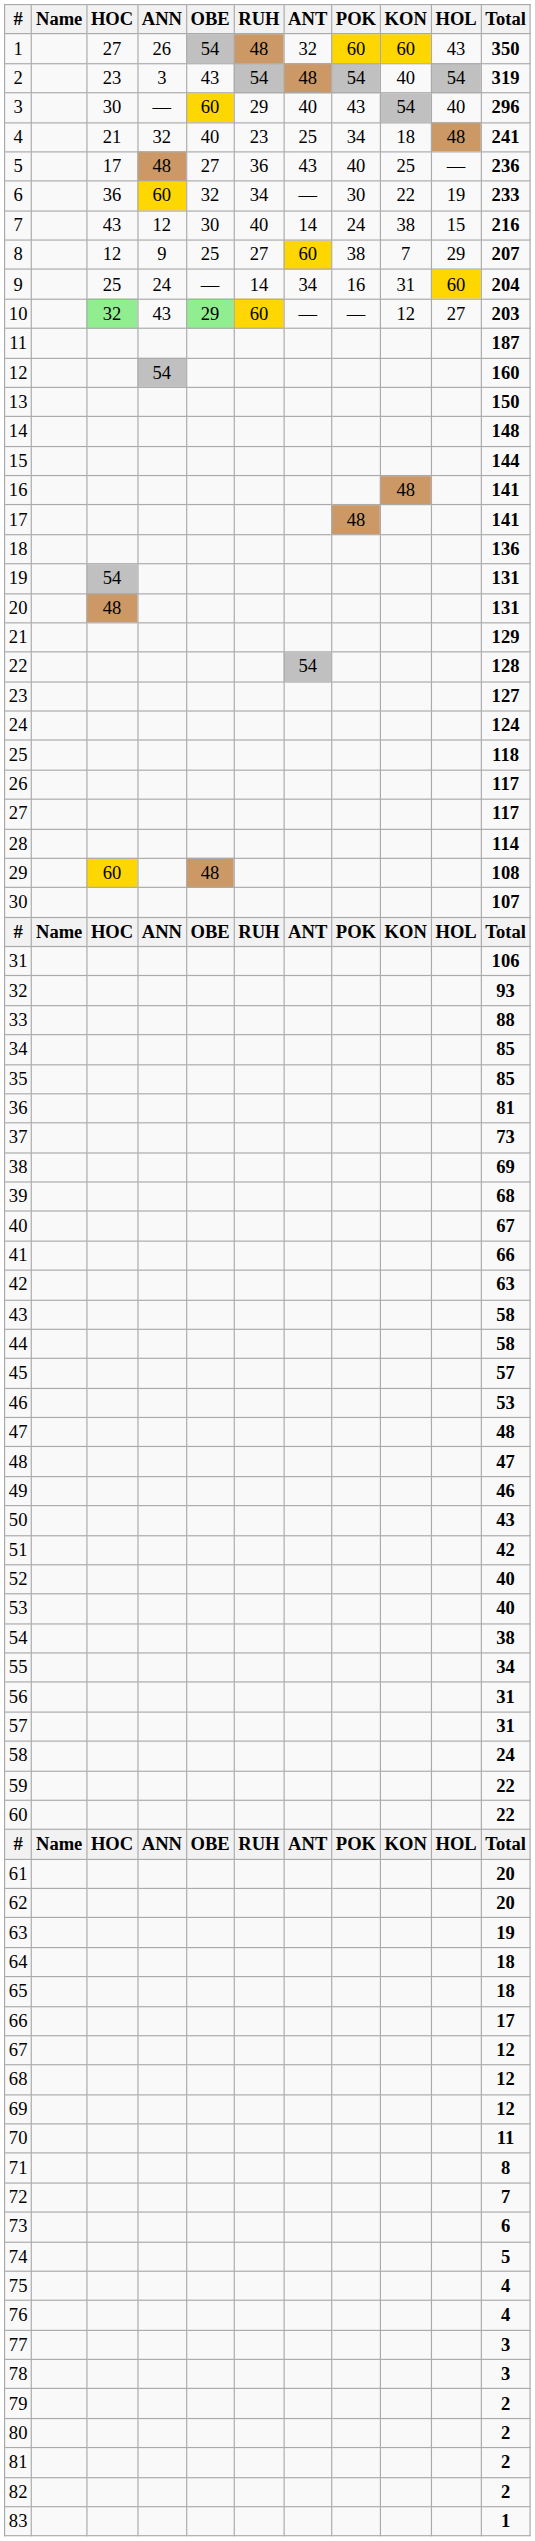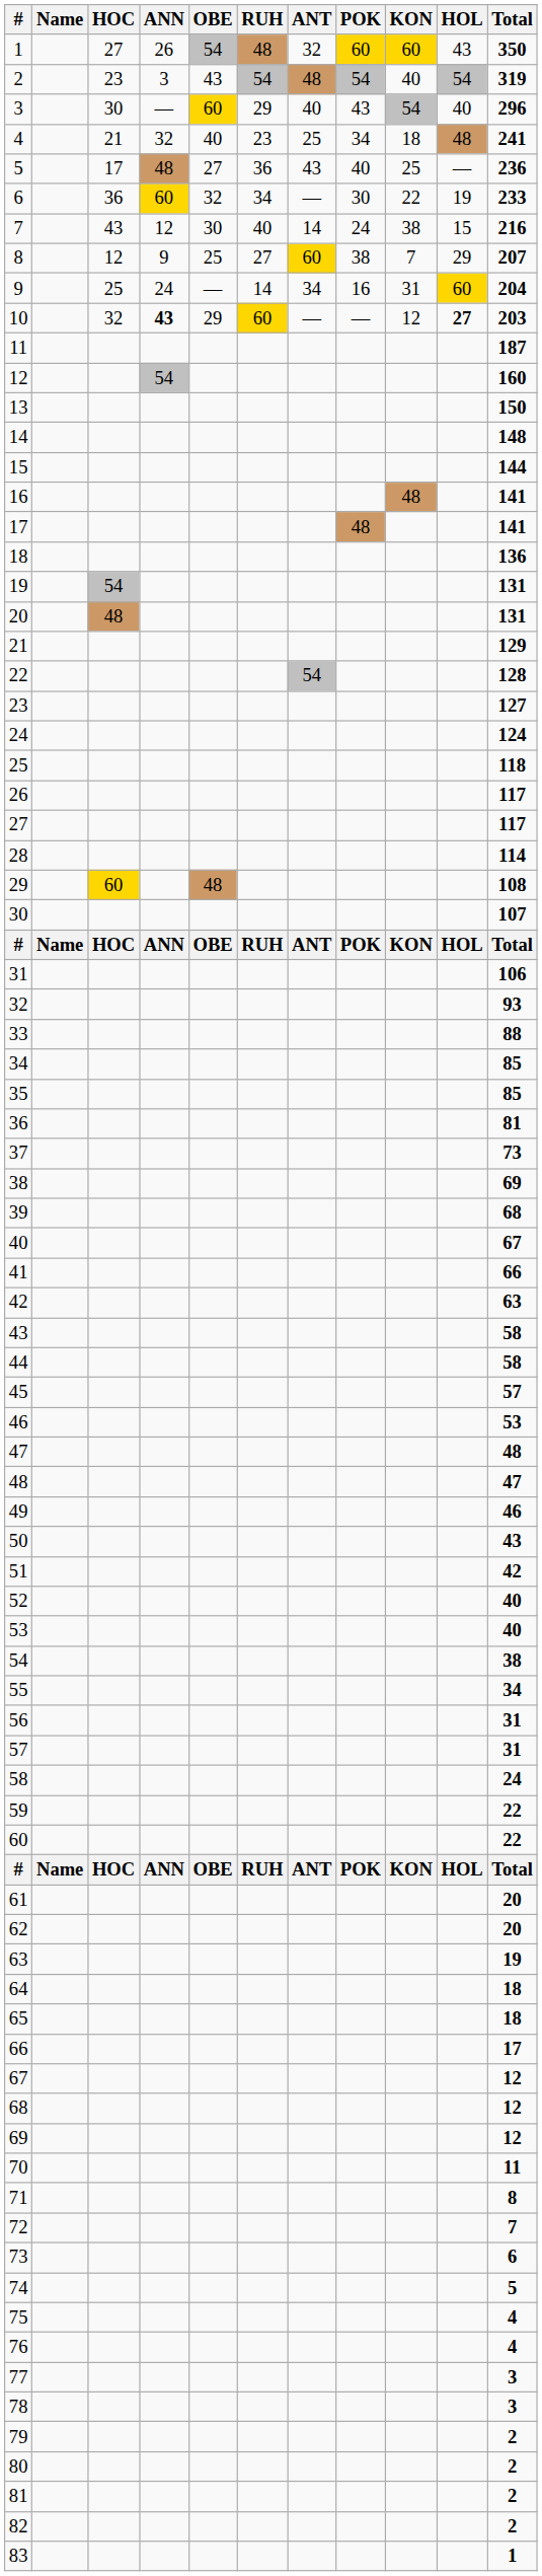 <table class="wikitable sortable" style="text-align:center;">
 <tr>
 <th>#</th>
 <th>Name</th>
 <th>HOC</th>
 <th>ANN</th>
 <th>OBE</th>
 <th>RUH</th>
 <th>ANT</th>
 <th>POK</th>
 <th>KON</th>
 <th>HOL</th>
 <th>Total</th>
 </tr>
 <tr>
 <td>1</td>
 <td align="left"></td>
 <td>27</td>
 <td>26</td>
 <td bgcolor="silver">54</td>
 <td bgcolor=CC9966>48</td>
 <td>32</td>
 <td bgcolor="gold">60</td>
 <td bgcolor="gold">60</td>
 <td>43</td>
 <td><strong>350</strong></td>
 </tr>
 <tr>
 <td>2</td>
 <td align="left"></td>
 <td>23</td>
 <td>3</td>
 <td>43</td>
 <td bgcolor="silver">54</td>
 <td bgcolor=CC9966>48</td>
 <td bgcolor="silver">54</td>
 <td>40</td>
 <td bgcolor="silver">54</td>
 <td><strong>319</strong></td>
 </tr>
 <tr>
 <td>3</td>
 <td align="left"></td>
 <td>30</td>
 <td>—</td>
 <td bgcolor="gold">60</td>
 <td>29</td>
 <td>40</td>
 <td>43</td>
 <td bgcolor="silver">54</td>
 <td>40</td>
 <td><strong>296</strong></td>
 </tr>
 <tr>
 <td>4</td>
 <td align="left"></td>
 <td>21</td>
 <td>32</td>
 <td>40</td>
 <td>23</td>
 <td>25</td>
 <td>34</td>
 <td>18</td>
 <td bgcolor=CC9966>48</td>
 <td><strong>241</strong></td>
 </tr>
 <tr>
 <td>5</td>
 <td align="left"></td>
 <td>17</td>
 <td bgcolor=CC9966>48</td>
 <td>27</td>
 <td>36</td>
 <td>43</td>
 <td>40</td>
 <td>25</td>
 <td>—</td>
 <td><strong>236</strong></td>
 </tr>
 <tr>
 <td>6</td>
 <td align="left"></td>
 <td>36</td>
 <td bgcolor="gold">60</td>
 <td>32</td>
 <td>34</td>
 <td>—</td>
 <td>30</td>
 <td>22</td>
 <td>19</td>
 <td><strong>233</strong></td>
 </tr>
 <tr>
 <td>7</td>
 <td align="left"></td>
 <td>43</td>
 <td>12</td>
 <td>30</td>
 <td>40</td>
 <td>14</td>
 <td>24</td>
 <td>38</td>
 <td>15</td>
 <td><strong>216</strong></td>
 </tr>
 <tr>
 <td>8</td>
 <td align="left"></td>
 <td>12</td>
 <td>9</td>
 <td>25</td>
 <td>27</td>
 <td bgcolor="gold">60</td>
 <td>38</td>
 <td>7</td>
 <td>29</td>
 <td><strong>207</strong></td>
 </tr>
 <tr>
 <td>9</td>
 <td align="left"></td>
 <td>25</td>
 <td>24</td>
 <td>—</td>
 <td>14</td>
 <td>34</td>
 <td>16</td>
 <td>31</td>
 <td bgcolor="gold">60</td>
 <td><strong>204</strong></td>
 </tr>
 <tr>
 <td>10</td>
 <td align="left"></td>
-<td style="background: lightgreen;">32</td>
-<td>43</td>
-<td style="background: lightgreen;">29</td>
+<td>32</td>
+<td><strong>43</strong></td>
+<td>29</td>
 <td bgcolor="gold">60</td>
 <td>—</td>
 <td>—</td>
 <td>12</td>
-<td>27</td>
+<td><strong>27</strong></td>
 <td><strong>203</strong></td>
 </tr>
 <tr>
 <td>11</td>
 <td align="left"></td>
 <td></td>
 <td></td>
 <td></td>
 <td></td>
 <td></td>
 <td></td>
 <td></td>
 <td></td>
 <td><strong>187</strong></td>
 </tr>
 <tr>
 <td>12</td>
 <td align="left"></td>
 <td></td>
 <td bgcolor="silver">54</td>
 <td></td>
 <td></td>
 <td></td>
 <td></td>
 <td></td>
 <td></td>
 <td><strong>160</strong></td>
 </tr>
 <tr>
 <td>13</td>
 <td align="left"></td>
 <td></td>
 <td></td>
 <td></td>
 <td></td>
 <td></td>
 <td></td>
 <td></td>
 <td></td>
 <td><strong>150</strong></td>
 </tr>
 <tr>
 <td>14</td>
 <td align="left"></td>
 <td></td>
 <td></td>
 <td></td>
 <td></td>
 <td></td>
 <td></td>
 <td></td>
 <td></td>
 <td><strong>148</strong></td>
 </tr>
 <tr>
 <td>15</td>
 <td align="left"></td>
 <td></td>
 <td></td>
 <td></td>
 <td></td>
 <td></td>
 <td></td>
 <td></td>
 <td></td>
 <td><strong>144</strong></td>
 </tr>
 <tr>
 <td>16</td>
 <td align="left"></td>
 <td></td>
 <td></td>
 <td></td>
 <td></td>
 <td></td>
 <td></td>
 <td bgcolor=CC9966>48</td>
 <td></td>
 <td><strong>141</strong></td>
 </tr>
 <tr>
 <td>17</td>
 <td align="left"></td>
 <td></td>
 <td></td>
 <td></td>
 <td></td>
 <td></td>
 <td bgcolor=CC9966>48</td>
 <td></td>
 <td></td>
 <td><strong>141</strong></td>
 </tr>
 <tr>
 <td>18</td>
 <td align="left"></td>
 <td></td>
 <td></td>
 <td></td>
 <td></td>
 <td></td>
 <td></td>
 <td></td>
 <td></td>
 <td><strong>136</strong></td>
 </tr>
 <tr>
 <td>19</td>
 <td align="left"></td>
 <td bgcolor="silver">54</td>
 <td></td>
 <td></td>
 <td></td>
 <td></td>
 <td></td>
 <td></td>
 <td></td>
 <td><strong>131</strong></td>
 </tr>
 <tr>
 <td>20</td>
 <td align="left"></td>
 <td bgcolor=CC9966>48</td>
 <td></td>
 <td></td>
 <td></td>
 <td></td>
 <td></td>
 <td></td>
 <td></td>
 <td><strong>131</strong></td>
 </tr>
 <tr>
 <td>21</td>
 <td align="left"></td>
 <td></td>
 <td></td>
 <td></td>
 <td></td>
 <td></td>
 <td></td>
 <td></td>
 <td></td>
 <td><strong>129</strong></td>
 </tr>
 <tr>
 <td>22</td>
 <td align="left"></td>
 <td></td>
 <td></td>
 <td></td>
 <td></td>
 <td bgcolor="silver">54</td>
 <td></td>
 <td></td>
 <td></td>
 <td><strong>128</strong></td>
 </tr>
 <tr>
 <td>23</td>
 <td align="left"></td>
 <td></td>
 <td></td>
 <td></td>
 <td></td>
 <td></td>
 <td></td>
 <td></td>
 <td></td>
 <td><strong>127</strong></td>
 </tr>
 <tr>
 <td>24</td>
 <td align="left"></td>
 <td></td>
 <td></td>
 <td></td>
 <td></td>
 <td></td>
 <td></td>
 <td></td>
 <td></td>
 <td><strong>124</strong></td>
 </tr>
 <tr>
 <td>25</td>
 <td align="left"></td>
 <td></td>
 <td></td>
 <td></td>
 <td></td>
 <td></td>
 <td></td>
 <td></td>
 <td></td>
 <td><strong>118</strong></td>
 </tr>
 <tr>
 <td>26</td>
 <td align="left"></td>
 <td></td>
 <td></td>
 <td></td>
 <td></td>
 <td></td>
 <td></td>
 <td></td>
 <td></td>
 <td><strong>117</strong></td>
 </tr>
 <tr>
 <td>27</td>
 <td align="left"></td>
 <td></td>
 <td></td>
 <td></td>
 <td></td>
 <td></td>
 <td></td>
 <td></td>
 <td></td>
 <td><strong>117</strong></td>
 </tr>
 <tr>
 <td>28</td>
 <td align="left"></td>
 <td></td>
 <td></td>
 <td></td>
 <td></td>
 <td></td>
 <td></td>
 <td></td>
 <td></td>
 <td><strong>114</strong></td>
 </tr>
 <tr>
 <td>29</td>
 <td align="left"></td>
 <td bgcolor="gold">60</td>
 <td></td>
 <td bgcolor=CC9966>48</td>
 <td></td>
 <td></td>
 <td></td>
 <td></td>
 <td></td>
 <td><strong>108</strong></td>
 </tr>
 <tr>
 <td>30</td>
 <td align="left"></td>
 <td></td>
 <td></td>
 <td></td>
 <td></td>
 <td></td>
 <td></td>
 <td></td>
 <td></td>
 <td><strong>107</strong></td>
 </tr>
 <tr>
 <th>#</th>
 <th>Name</th>
 <th>HOC</th>
 <th>ANN</th>
 <th>OBE</th>
 <th>RUH</th>
 <th>ANT</th>
 <th>POK</th>
 <th>KON</th>
 <th>HOL</th>
 <th>Total</th>
 </tr>
 <tr>
 <td>31</td>
 <td align="left"></td>
 <td></td>
 <td></td>
 <td></td>
 <td></td>
 <td></td>
 <td></td>
 <td></td>
 <td></td>
 <td><strong>106</strong></td>
 </tr>
 <tr>
 <td>32</td>
 <td align="left"></td>
 <td></td>
 <td></td>
 <td></td>
 <td></td>
 <td></td>
 <td></td>
 <td></td>
 <td></td>
 <td><strong>93</strong></td>
 </tr>
 <tr>
 <td>33</td>
 <td align="left"></td>
 <td></td>
 <td></td>
 <td></td>
 <td></td>
 <td></td>
 <td></td>
 <td></td>
 <td></td>
 <td><strong>88</strong></td>
 </tr>
 <tr>
 <td>34</td>
 <td align="left"></td>
 <td></td>
 <td></td>
 <td></td>
 <td></td>
 <td></td>
 <td></td>
 <td></td>
 <td></td>
 <td><strong>85</strong></td>
 </tr>
 <tr>
 <td>35</td>
 <td align="left"></td>
 <td></td>
 <td></td>
 <td></td>
 <td></td>
 <td></td>
 <td></td>
 <td></td>
 <td></td>
 <td><strong>85</strong></td>
 </tr>
 <tr>
 <td>36</td>
 <td align="left"></td>
 <td></td>
 <td></td>
 <td></td>
 <td></td>
 <td></td>
 <td></td>
 <td></td>
 <td></td>
 <td><strong>81</strong></td>
 </tr>
 <tr>
 <td>37</td>
 <td align="left"></td>
 <td></td>
 <td></td>
 <td></td>
 <td></td>
 <td></td>
 <td></td>
 <td></td>
 <td></td>
 <td><strong>73</strong></td>
 </tr>
 <tr>
 <td>38</td>
 <td align="left"></td>
 <td></td>
 <td></td>
 <td></td>
 <td></td>
 <td></td>
 <td></td>
 <td></td>
 <td></td>
 <td><strong>69</strong></td>
 </tr>
 <tr>
 <td>39</td>
 <td align="left"></td>
 <td></td>
 <td></td>
 <td></td>
 <td></td>
 <td></td>
 <td></td>
 <td></td>
 <td></td>
 <td><strong>68</strong></td>
 </tr>
 <tr>
 <td>40</td>
 <td align="left"></td>
 <td></td>
 <td></td>
 <td></td>
 <td></td>
 <td></td>
 <td></td>
 <td></td>
 <td></td>
 <td><strong>67</strong></td>
 </tr>
 <tr>
 <td>41</td>
 <td align="left"></td>
 <td></td>
 <td></td>
 <td></td>
 <td></td>
 <td></td>
 <td></td>
 <td></td>
 <td></td>
 <td><strong>66</strong></td>
 </tr>
 <tr>
 <td>42</td>
 <td align="left"></td>
 <td></td>
 <td></td>
 <td></td>
 <td></td>
 <td></td>
 <td></td>
 <td></td>
 <td></td>
 <td><strong>63</strong></td>
 </tr>
 <tr>
 <td>43</td>
 <td align="left"></td>
 <td></td>
 <td></td>
 <td></td>
 <td></td>
 <td></td>
 <td></td>
 <td></td>
 <td></td>
 <td><strong>58</strong></td>
 </tr>
 <tr>
 <td>44</td>
 <td align="left"></td>
 <td></td>
 <td></td>
 <td></td>
 <td></td>
 <td></td>
 <td></td>
 <td></td>
 <td></td>
 <td><strong>58</strong></td>
 </tr>
 <tr>
 <td>45</td>
 <td align="left"></td>
 <td></td>
 <td></td>
 <td></td>
 <td></td>
 <td></td>
 <td></td>
 <td></td>
 <td></td>
 <td><strong>57</strong></td>
 </tr>
 <tr>
 <td>46</td>
 <td align="left"></td>
 <td></td>
 <td></td>
 <td></td>
 <td></td>
 <td></td>
 <td></td>
 <td></td>
 <td></td>
 <td><strong>53</strong></td>
 </tr>
 <tr>
 <td>47</td>
 <td align="left"></td>
 <td></td>
 <td></td>
 <td></td>
 <td></td>
 <td></td>
 <td></td>
 <td></td>
 <td></td>
 <td><strong>48</strong></td>
 </tr>
 <tr>
 <td>48</td>
 <td align="left"></td>
 <td></td>
 <td></td>
 <td></td>
 <td></td>
 <td></td>
 <td></td>
 <td></td>
 <td></td>
 <td><strong>47</strong></td>
 </tr>
 <tr>
 <td>49</td>
 <td align="left"></td>
 <td></td>
 <td></td>
 <td></td>
 <td></td>
 <td></td>
 <td></td>
 <td></td>
 <td></td>
 <td><strong>46</strong></td>
 </tr>
 <tr>
 <td>50</td>
 <td align="left"></td>
 <td></td>
 <td></td>
 <td></td>
 <td></td>
 <td></td>
 <td></td>
 <td></td>
 <td></td>
 <td><strong>43</strong></td>
 </tr>
 <tr>
 <td>51</td>
 <td align="left"></td>
 <td></td>
 <td></td>
 <td></td>
 <td></td>
 <td></td>
 <td></td>
 <td></td>
 <td></td>
 <td><strong>42</strong></td>
 </tr>
 <tr>
 <td>52</td>
 <td align="left"></td>
 <td></td>
 <td></td>
 <td></td>
 <td></td>
 <td></td>
 <td></td>
 <td></td>
 <td></td>
 <td><strong>40</strong></td>
 </tr>
 <tr>
 <td>53</td>
 <td align="left"></td>
 <td></td>
 <td></td>
 <td></td>
 <td></td>
 <td></td>
 <td></td>
 <td></td>
 <td></td>
 <td><strong>40</strong></td>
 </tr>
 <tr>
 <td>54</td>
 <td align="left"></td>
 <td></td>
 <td></td>
 <td></td>
 <td></td>
 <td></td>
 <td></td>
 <td></td>
 <td></td>
 <td><strong>38</strong></td>
 </tr>
 <tr>
 <td>55</td>
 <td align="left"></td>
 <td></td>
 <td></td>
 <td></td>
 <td></td>
 <td></td>
 <td></td>
 <td></td>
 <td></td>
 <td><strong>34</strong></td>
 </tr>
 <tr>
 <td>56</td>
 <td align="left"></td>
 <td></td>
 <td></td>
 <td></td>
 <td></td>
 <td></td>
 <td></td>
 <td></td>
 <td></td>
 <td><strong>31</strong></td>
 </tr>
 <tr>
 <td>57</td>
 <td align="left"></td>
 <td></td>
 <td></td>
 <td></td>
 <td></td>
 <td></td>
 <td></td>
 <td></td>
 <td></td>
 <td><strong>31</strong></td>
 </tr>
 <tr>
 <td>58</td>
 <td align="left"></td>
 <td></td>
 <td></td>
 <td></td>
 <td></td>
 <td></td>
 <td></td>
 <td></td>
 <td></td>
 <td><strong>24</strong></td>
 </tr>
 <tr>
 <td>59</td>
 <td align="left"></td>
 <td></td>
 <td></td>
 <td></td>
 <td></td>
 <td></td>
 <td></td>
 <td></td>
 <td></td>
 <td><strong>22</strong></td>
 </tr>
 <tr>
 <td>60</td>
 <td align="left"></td>
 <td></td>
 <td></td>
 <td></td>
 <td></td>
 <td></td>
 <td></td>
 <td></td>
 <td></td>
 <td><strong>22</strong></td>
 </tr>
 <tr>
 <th>#</th>
 <th>Name</th>
 <th>HOC</th>
 <th>ANN</th>
 <th>OBE</th>
 <th>RUH</th>
 <th>ANT</th>
 <th>POK</th>
 <th>KON</th>
 <th>HOL</th>
 <th>Total</th>
 </tr>
 <tr>
 <td>61</td>
 <td align="left"></td>
 <td></td>
 <td></td>
 <td></td>
 <td></td>
 <td></td>
 <td></td>
 <td></td>
 <td></td>
 <td><strong>20</strong></td>
 </tr>
 <tr>
 <td>62</td>
 <td align="left"></td>
 <td></td>
 <td></td>
 <td></td>
 <td></td>
 <td></td>
 <td></td>
 <td></td>
 <td></td>
 <td><strong>20</strong></td>
 </tr>
 <tr>
 <td>63</td>
 <td align="left"></td>
 <td></td>
 <td></td>
 <td></td>
 <td></td>
 <td></td>
 <td></td>
 <td></td>
 <td></td>
 <td><strong>19</strong></td>
 </tr>
 <tr>
 <td>64</td>
 <td align="left"></td>
 <td></td>
 <td></td>
 <td></td>
 <td></td>
 <td></td>
 <td></td>
 <td></td>
 <td></td>
 <td><strong>18</strong></td>
 </tr>
 <tr>
 <td>65</td>
 <td align="left"></td>
 <td></td>
 <td></td>
 <td></td>
 <td></td>
 <td></td>
 <td></td>
 <td></td>
 <td></td>
 <td><strong>18</strong></td>
 </tr>
 <tr>
 <td>66</td>
 <td align="left"></td>
 <td></td>
 <td></td>
 <td></td>
 <td></td>
 <td></td>
 <td></td>
 <td></td>
 <td></td>
 <td><strong>17</strong></td>
 </tr>
 <tr>
 <td>67</td>
 <td align="left"></td>
 <td></td>
 <td></td>
 <td></td>
 <td></td>
 <td></td>
 <td></td>
 <td></td>
 <td></td>
 <td><strong>12</strong></td>
 </tr>
 <tr>
 <td>68</td>
 <td align="left"></td>
 <td></td>
 <td></td>
 <td></td>
 <td></td>
 <td></td>
 <td></td>
 <td></td>
 <td></td>
 <td><strong>12</strong></td>
 </tr>
 <tr>
 <td>69</td>
 <td align="left"></td>
 <td></td>
 <td></td>
 <td></td>
 <td></td>
 <td></td>
 <td></td>
 <td></td>
 <td></td>
 <td><strong>12</strong></td>
 </tr>
 <tr>
 <td>70</td>
 <td align="left"></td>
 <td></td>
 <td></td>
 <td></td>
 <td></td>
 <td></td>
 <td></td>
 <td></td>
 <td></td>
 <td><strong>11</strong></td>
 </tr>
 <tr>
 <td>71</td>
 <td align="left"></td>
 <td></td>
 <td></td>
 <td></td>
 <td></td>
 <td></td>
 <td></td>
 <td></td>
 <td></td>
 <td><strong>8</strong></td>
 </tr>
 <tr>
 <td>72</td>
 <td align="left"></td>
 <td></td>
 <td></td>
 <td></td>
 <td></td>
 <td></td>
 <td></td>
 <td></td>
 <td></td>
 <td><strong>7</strong></td>
 </tr>
 <tr>
 <td>73</td>
 <td align="left"></td>
 <td></td>
 <td></td>
 <td></td>
 <td></td>
 <td></td>
 <td></td>
 <td></td>
 <td></td>
 <td><strong>6</strong></td>
 </tr>
 <tr>
 <td>74</td>
 <td align="left"></td>
 <td></td>
 <td></td>
 <td></td>
 <td></td>
 <td></td>
 <td></td>
 <td></td>
 <td></td>
 <td><strong>5</strong></td>
 </tr>
 <tr>
 <td>75</td>
 <td align="left"></td>
 <td></td>
 <td></td>
 <td></td>
 <td></td>
 <td></td>
 <td></td>
 <td></td>
 <td></td>
 <td><strong>4</strong></td>
 </tr>
 <tr>
 <td>76</td>
 <td align="left"></td>
 <td></td>
 <td></td>
 <td></td>
 <td></td>
 <td></td>
 <td></td>
 <td></td>
 <td></td>
 <td><strong>4</strong></td>
 </tr>
 <tr>
 <td>77</td>
 <td align="left"></td>
 <td></td>
 <td></td>
 <td></td>
 <td></td>
 <td></td>
 <td></td>
 <td></td>
 <td></td>
 <td><strong>3</strong></td>
 </tr>
 <tr>
 <td>78</td>
 <td align="left"></td>
 <td></td>
 <td></td>
 <td></td>
 <td></td>
 <td></td>
 <td></td>
 <td></td>
 <td></td>
 <td><strong>3</strong></td>
 </tr>
 <tr>
 <td>79</td>
 <td align="left"></td>
 <td></td>
 <td></td>
 <td></td>
 <td></td>
 <td></td>
 <td></td>
 <td></td>
 <td></td>
 <td><strong>2</strong></td>
 </tr>
 <tr>
 <td>80</td>
 <td align="left"></td>
 <td></td>
 <td></td>
 <td></td>
 <td></td>
 <td></td>
 <td></td>
 <td></td>
 <td></td>
 <td><strong>2</strong></td>
 </tr>
 <tr>
 <td>81</td>
 <td align="left"></td>
 <td></td>
 <td></td>
 <td></td>
 <td></td>
 <td></td>
 <td></td>
 <td></td>
 <td></td>
 <td><strong>2</strong></td>
 </tr>
 <tr>
 <td>82</td>
 <td align="left"></td>
 <td></td>
 <td></td>
 <td></td>
 <td></td>
 <td></td>
 <td></td>
 <td></td>
 <td></td>
 <td><strong>2</strong></td>
 </tr>
 <tr>
 <td>83</td>
 <td align="left"></td>
 <td></td>
 <td></td>
 <td></td>
 <td></td>
 <td></td>
 <td></td>
 <td></td>
 <td></td>
 <td><strong>1</strong></td>
 </tr>
 </table>
